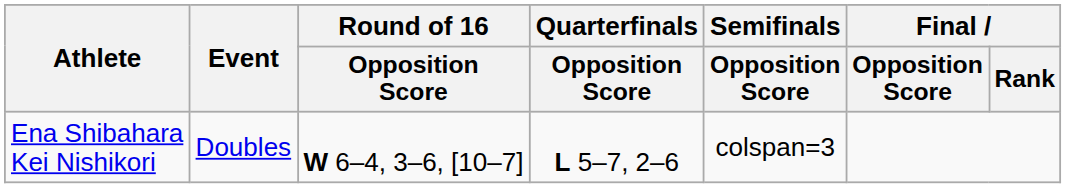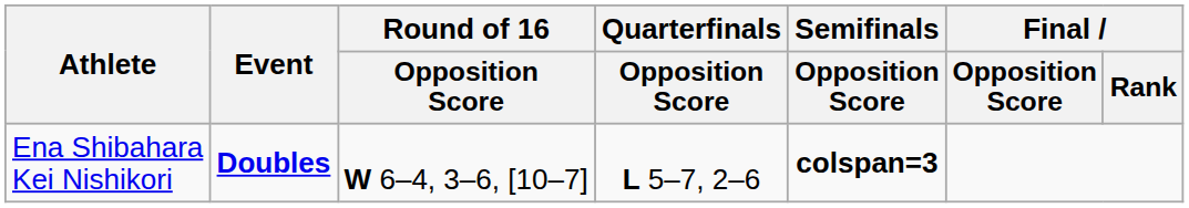 <table class=wikitable style=font-size:90%>
 <tr>
 <th rowspan=2>Athlete</th>
 <th rowspan=2>Event</th>
 <th>Round of 16</th>
 <th>Quarterfinals</th>
 <th>Semifinals</th>
 <th colspan=2>Final / </th>
 </tr>
 <tr style=font-size:95%>
 <th>Opposition<br>Score</th>
 <th>Opposition<br>Score</th>
 <th>Opposition<br>Score</th>
 <th>Opposition<br>Score</th>
 <th>Rank</th>
 </tr>
 <tr align=center>
 <td align=left><a href='#'>Ena Shibahara</a><br><a href='#'>Kei Nishikori</a></td>
-<td align=left><a href='#'>Doubles</a></td>
+<td align=left><strong><a href='#'>Doubles</a></strong></td>
 <td><br><strong>W</strong> 6–4, 3–6, [10–7]</td>
 <td><br><strong>L</strong> 5–7, 2–6</td>
-<td>colspan=3</td>
+<td><strong>colspan=3</strong></td>
 </tr>
 </table>
